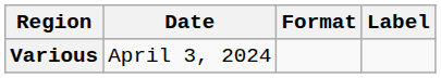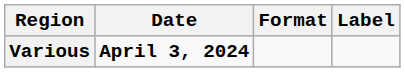 <table class="wikitable plainrowheaders">
 <tr>
 <th scope="col">Region</th>
 <th scope="col">Date</th>
 <th scope="col">Format</th>
 <th scope="col">Label</th>
 </tr>
 <tr>
 <th scope="row">Various</th>
-<td>April 3, 2024</td>
+<td><strong>April 3, 2024</strong></td>
 <td rowspan="2"></td>
 <td></td>
 </tr>
 </table>
